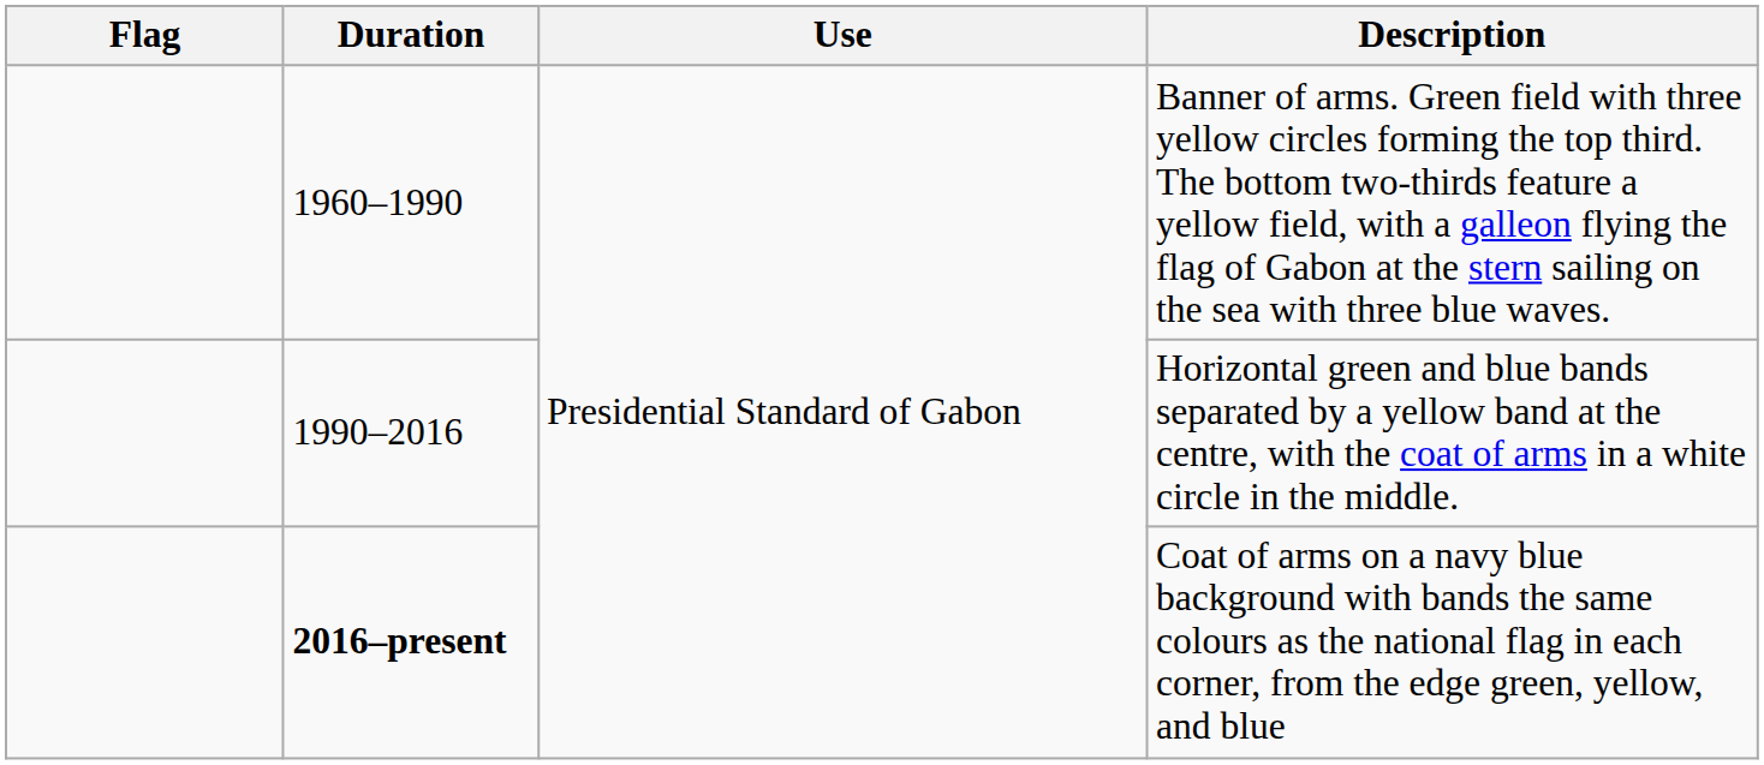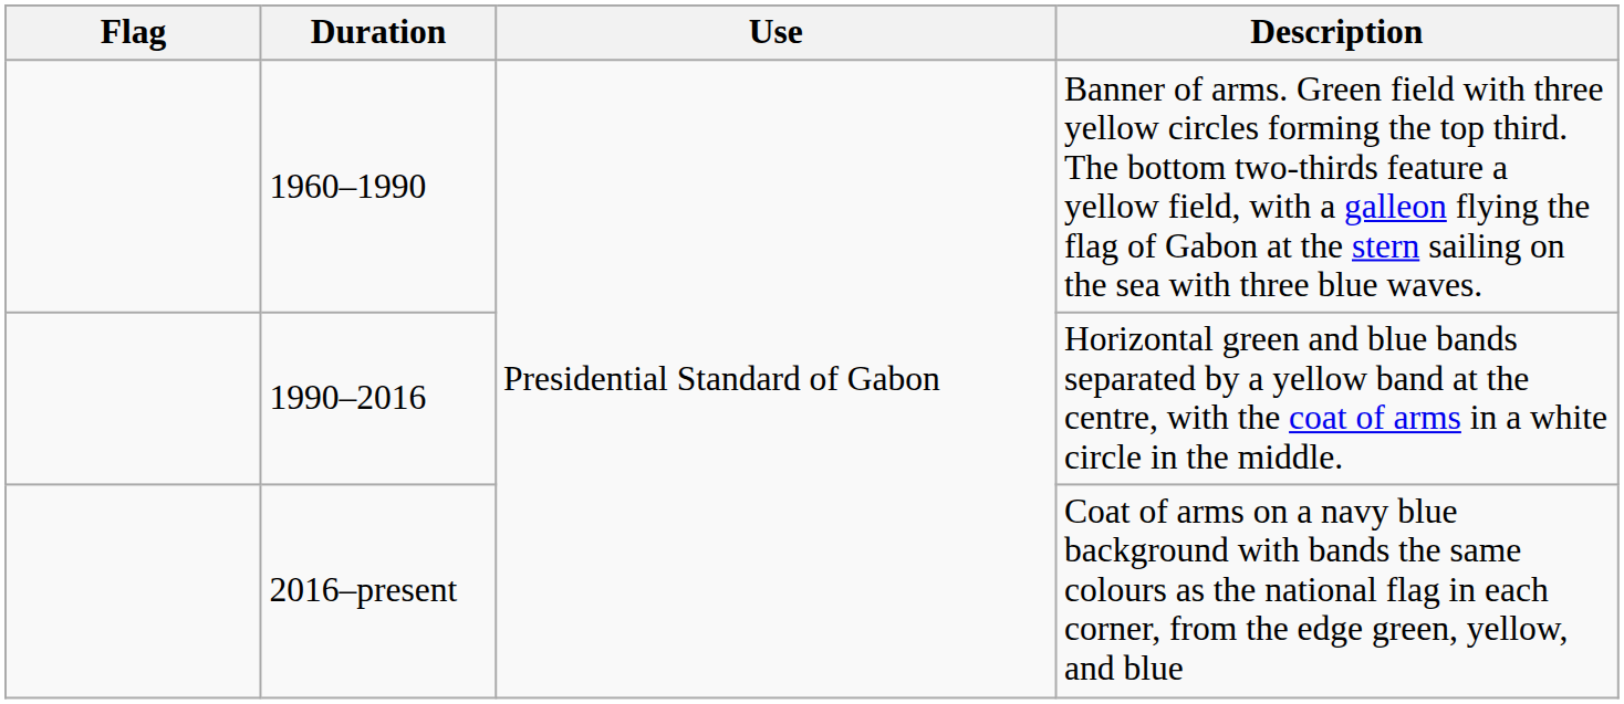 <table class="wikitable">
 <tr>
 <th width="110">Flag</th>
 <th width="100">Duration</th>
 <th width="250">Use</th>
 <th width="250">Description</th>
 </tr>
 <tr>
 <td></td>
 <td>1960–1990</td>
 <td rowspan="3">Presidential Standard of Gabon</td>
 <td>Banner of arms. Green field with three yellow circles forming the top third.  The bottom two-thirds feature a yellow field, with a <a href='#'>galleon</a> flying the flag of Gabon at the <a href='#'>stern</a> sailing on the sea with three blue waves.</td>
 </tr>
 <tr>
 <td></td>
 <td>1990–2016</td>
 <td>Horizontal green and blue bands separated by a yellow band at the centre, with the <a href='#'>coat of arms</a> in a white circle in the middle.</td>
 </tr>
 <tr>
 <td></td>
-<td><strong>2016–present</strong></td>
+<td>2016–present</td>
 <td>Coat of arms on a navy blue background with bands the same colours as the national flag in each corner, from the edge green, yellow, and blue</td>
 </tr>
 </table>
